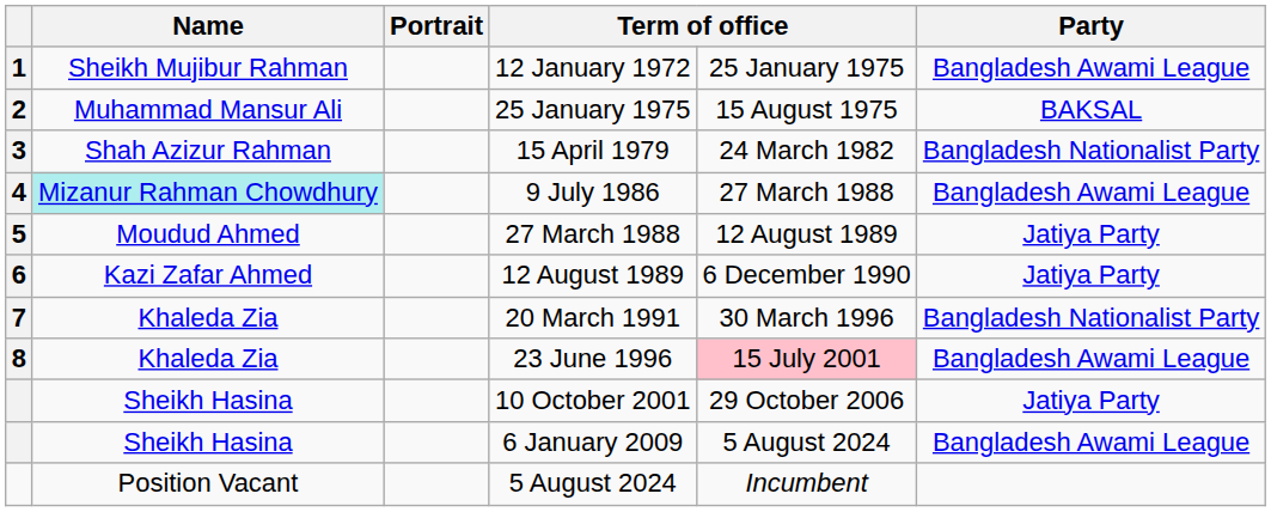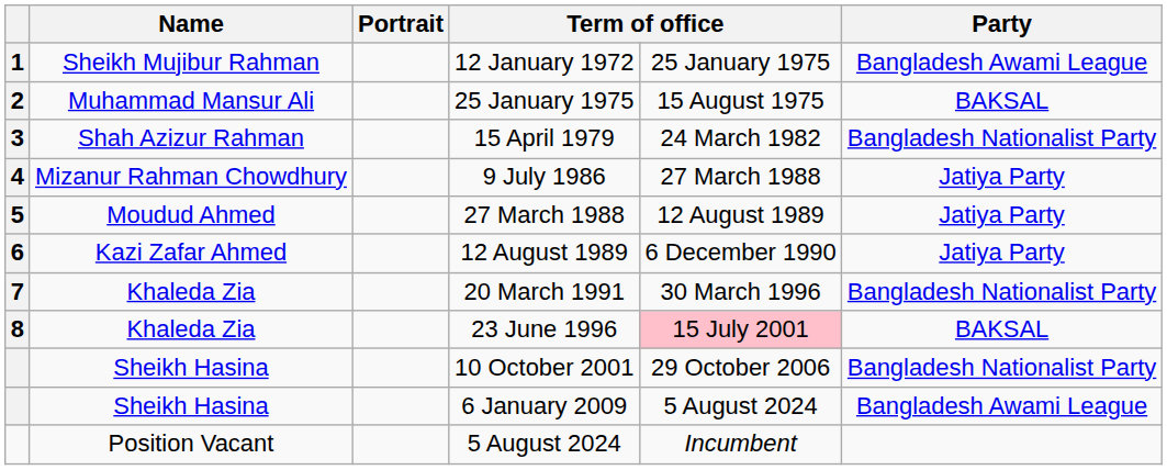 <table class="wikitable" style="text-align:center">
 <tr>
 <th></th>
 <th>Name<br></th>
 <th>Portrait</th>
 <th colspan=2>Term of office</th>
 <th>Party</th>
 </tr>
 <tr>
 <th style="background-color:">1</th>
 <td><a href='#'>Sheikh Mujibur Rahman</a><br></td>
 <td></td>
 <td>12 January 1972</td>
 <td>25 January 1975</td>
 <td><a href='#'>Bangladesh Awami League</a></td>
 </tr>
 <tr>
 <th style="background-color:">2</th>
 <td><a href='#'>Muhammad Mansur Ali</a><br></td>
 <td></td>
 <td>25 January 1975</td>
 <td>15 August 1975<br></td>
 <td><a href='#'>BAKSAL</a></td>
 </tr>
 <tr>
 <th style="background-color:">3</th>
 <td><a href='#'>Shah Azizur Rahman</a><br></td>
 <td></td>
 <td>15 April 1979</td>
 <td>24 March 1982<br></td>
 <td><a href='#'>Bangladesh Nationalist Party</a></td>
 </tr>
 <tr>
 <th style="background-color:">4</th>
-<td style="background: paleturquoise;"><a href='#'>Mizanur Rahman Chowdhury</a><br></td>
+<td><a href='#'>Mizanur Rahman Chowdhury</a><br></td>
 <td></td>
 <td>9 July 1986</td>
 <td>27 March 1988</td>
-<td><a href='#'>Bangladesh Awami League</a></td>
+<td><a href='#'>Jatiya Party</a></td>
 </tr>
 <tr>
 <th style="background-color:">5</th>
 <td><a href='#'>Moudud Ahmed</a><br></td>
 <td></td>
 <td>27 March 1988</td>
 <td>12 August 1989</td>
 <td><a href='#'>Jatiya Party</a></td>
 </tr>
 <tr>
 <th style="background-color:">6</th>
 <td><a href='#'>Kazi Zafar Ahmed</a><br></td>
 <td></td>
 <td>12 August 1989</td>
 <td>6 December 1990</td>
 <td><a href='#'>Jatiya Party</a></td>
 </tr>
 <tr>
 <th style="background-color:">7</th>
 <td><a href='#'>Khaleda Zia</a><br></td>
 <td></td>
 <td>20 March 1991</td>
 <td>30 March 1996</td>
 <td><a href='#'>Bangladesh Nationalist Party</a></td>
 </tr>
 <tr>
 <th style="background-color:">8</th>
 <td><a href='#'>Khaleda Zia</a><br></td>
 <td></td>
 <td>23 June 1996</td>
 <td style="background: pink;">15 July 2001</td>
-<td><a href='#'>Bangladesh Awami League</a></td>
+<td><a href='#'>BAKSAL</a></td>
 </tr>
 <tr>
 <th style="background-color:"></th>
 <td><a href='#'>Sheikh Hasina</a><br></td>
 <td></td>
 <td>10 October 2001</td>
 <td>29 October 2006</td>
-<td><a href='#'>Jatiya Party</a></td>
+<td><a href='#'>Bangladesh Nationalist Party</a></td>
 </tr>
 <tr>
 <th style="background-color:"></th>
 <td><a href='#'>Sheikh Hasina</a><br></td>
 <td></td>
 <td>6 January 2009</td>
 <td>5 August 2024</td>
 <td><a href='#'>Bangladesh Awami League</a></td>
 </tr>
 <tr>
 <td></td>
 <td>Position Vacant</td>
 <td></td>
 <td>5 August 2024</td>
 <td><em>Incumbent</em></td>
 <td></td>
 </tr>
 </table>
